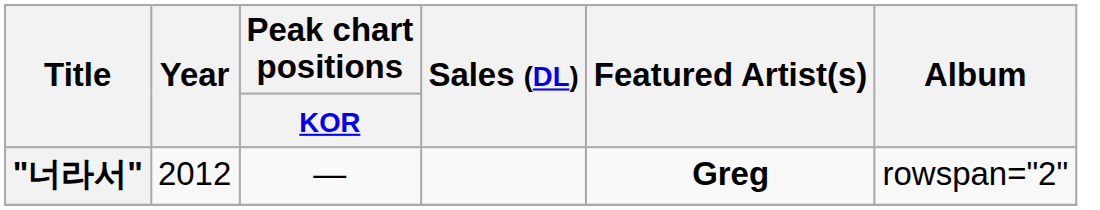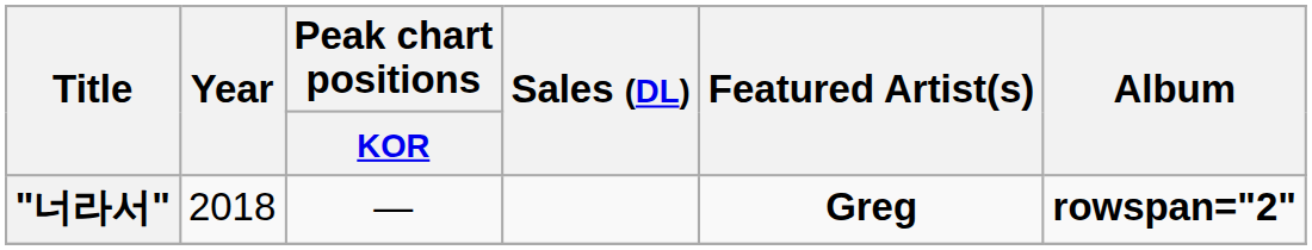 <table class="wikitable plainrowheaders" style="text-align:center;">
 <tr>
 <th rowspan="2" scope="col">Title</th>
 <th rowspan="2" scope="col">Year</th>
 <th colspan="1" scope="col">Peak chart <br> positions</th>
 <th rowspan="2" scope="col">Sales <small>(<a href='#'>DL</a>)</small></th>
 <th rowspan="2">Featured Artist(s)</th>
 <th rowspan="2" scope="col">Album</th>
 </tr>
 <tr>
 <th><small><a href='#'>KOR</a></small><br></th>
 </tr>
 <tr>
 <th scope="row">"너라서"</th>
-<td>2012</td>
+<td>2018</td>
 <td>—</td>
 <td></td>
 <td><strong>Greg</strong></td>
-<td>rowspan="2" </td>
+<td><strong>rowspan="2" </strong></td>
 </tr>
 <tr>
 </tr>
 </table>
